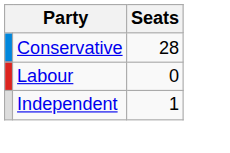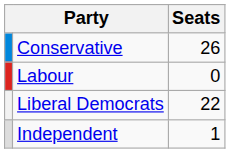 <table class="wikitable">
 <tr>
 <th colspan=2>Party</th>
 <th>Seats</th>
 </tr>
 <tr>
 <th style="background-color: #0087DC"></th>
 <td><a href='#'>Conservative</a></td>
-<td align=right>28</td>
+<td align=right>26</td>
 </tr>
 <tr>
 <th style="background-color: #DC241f"></th>
 <td><a href='#'>Labour</a></td>
 <td align=right>0</td>
 </tr>
 <tr>
+<th style="background-color: "></th>
+<td><a href='#'>Liberal Democrats</a></td>
+<td align=right>22</td>
+</tr>
+<tr>
 <th style="background-color: #DDDDDD"></th>
 <td><a href='#'>Independent</a></td>
 <td align=right>1</td>
 </tr>
 </table>
